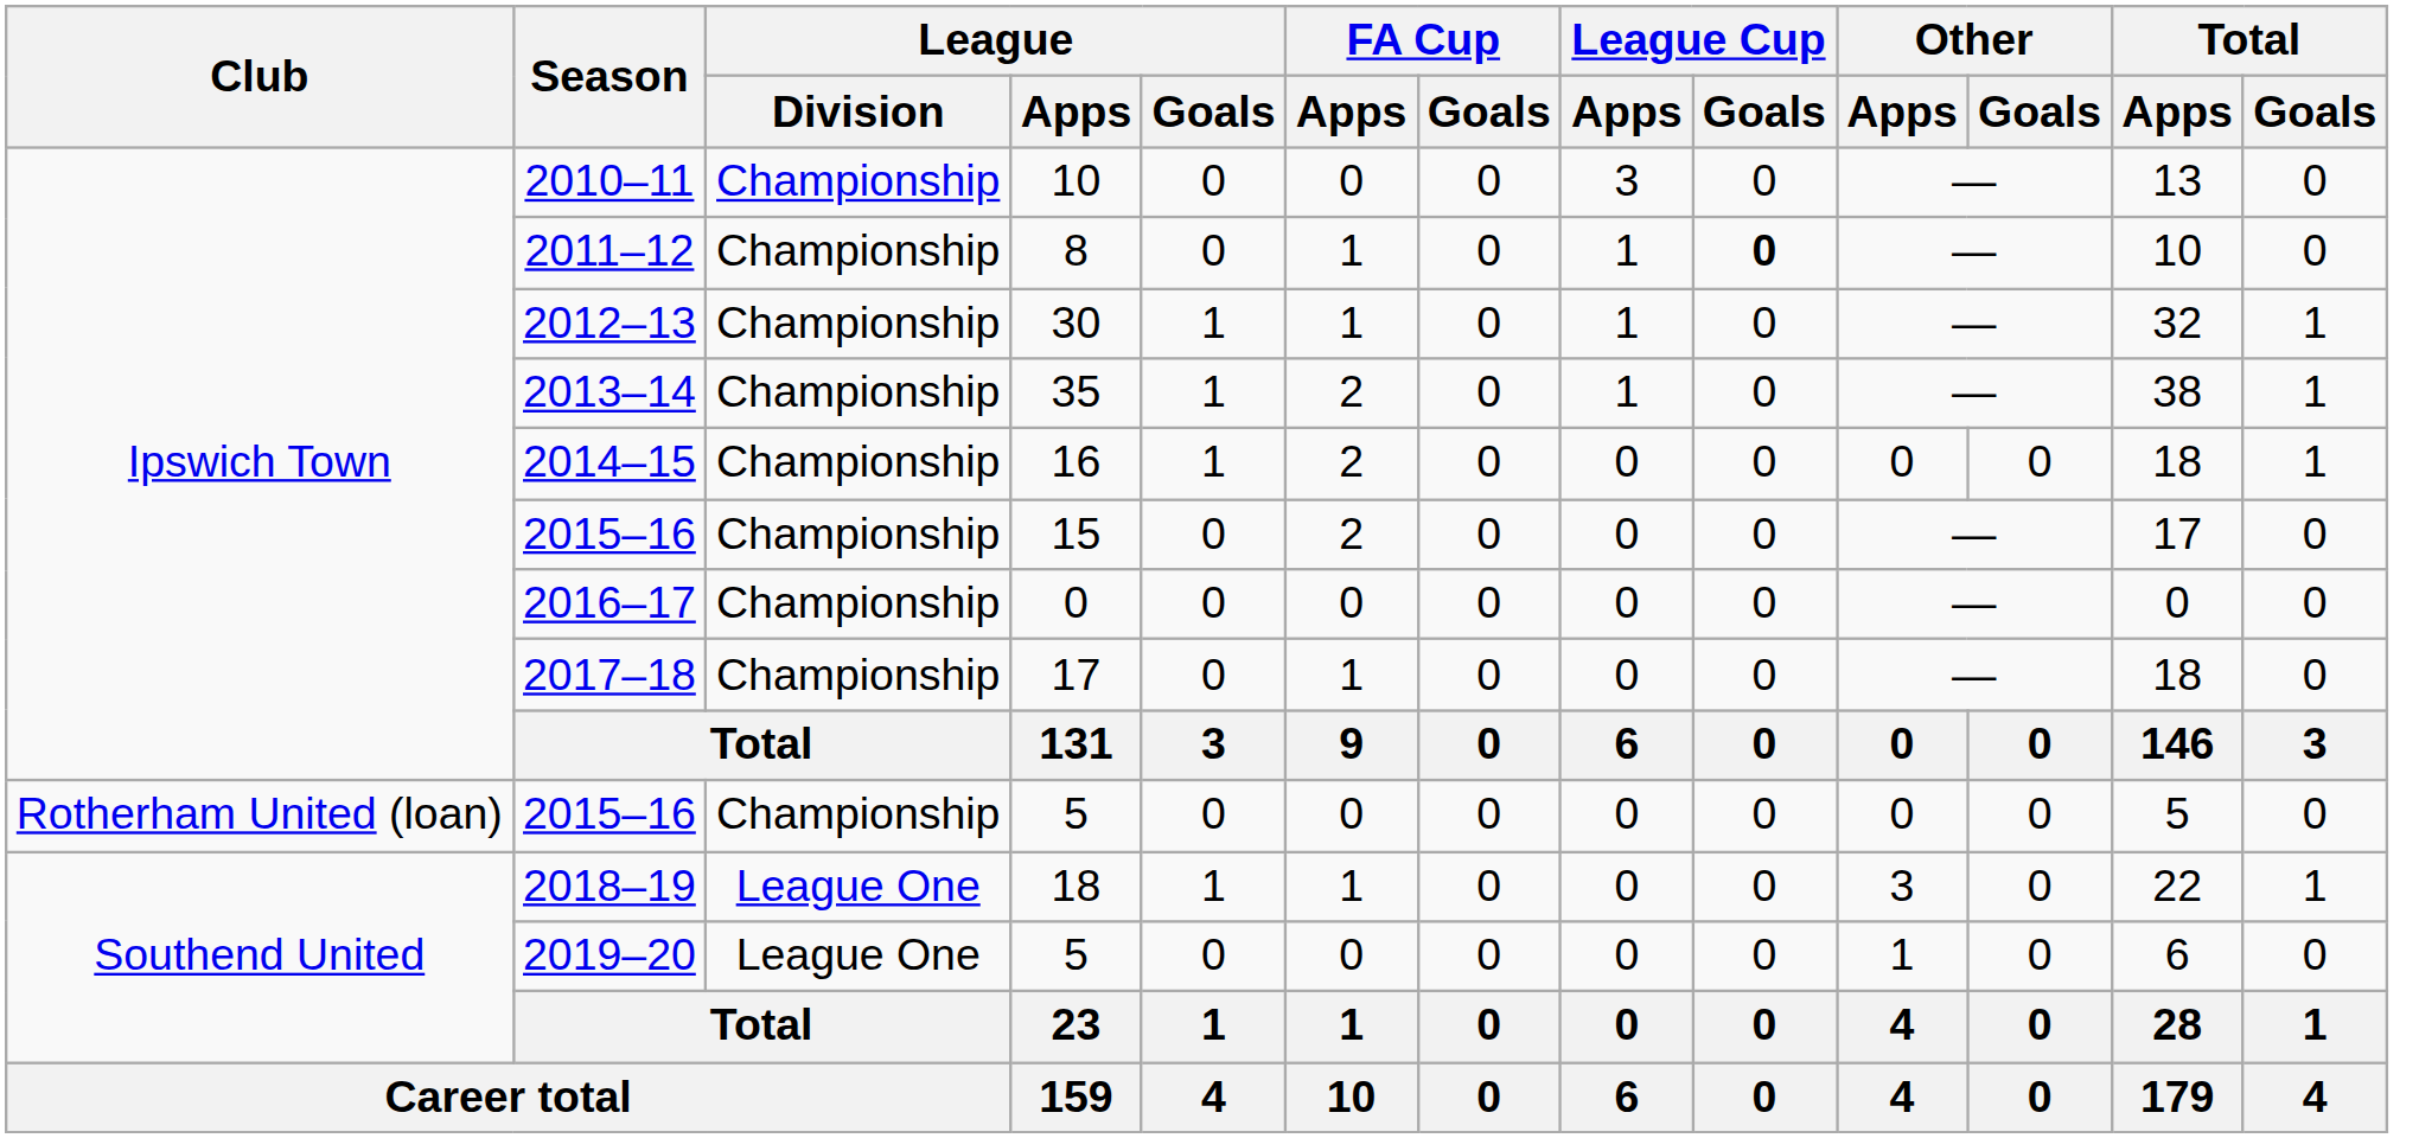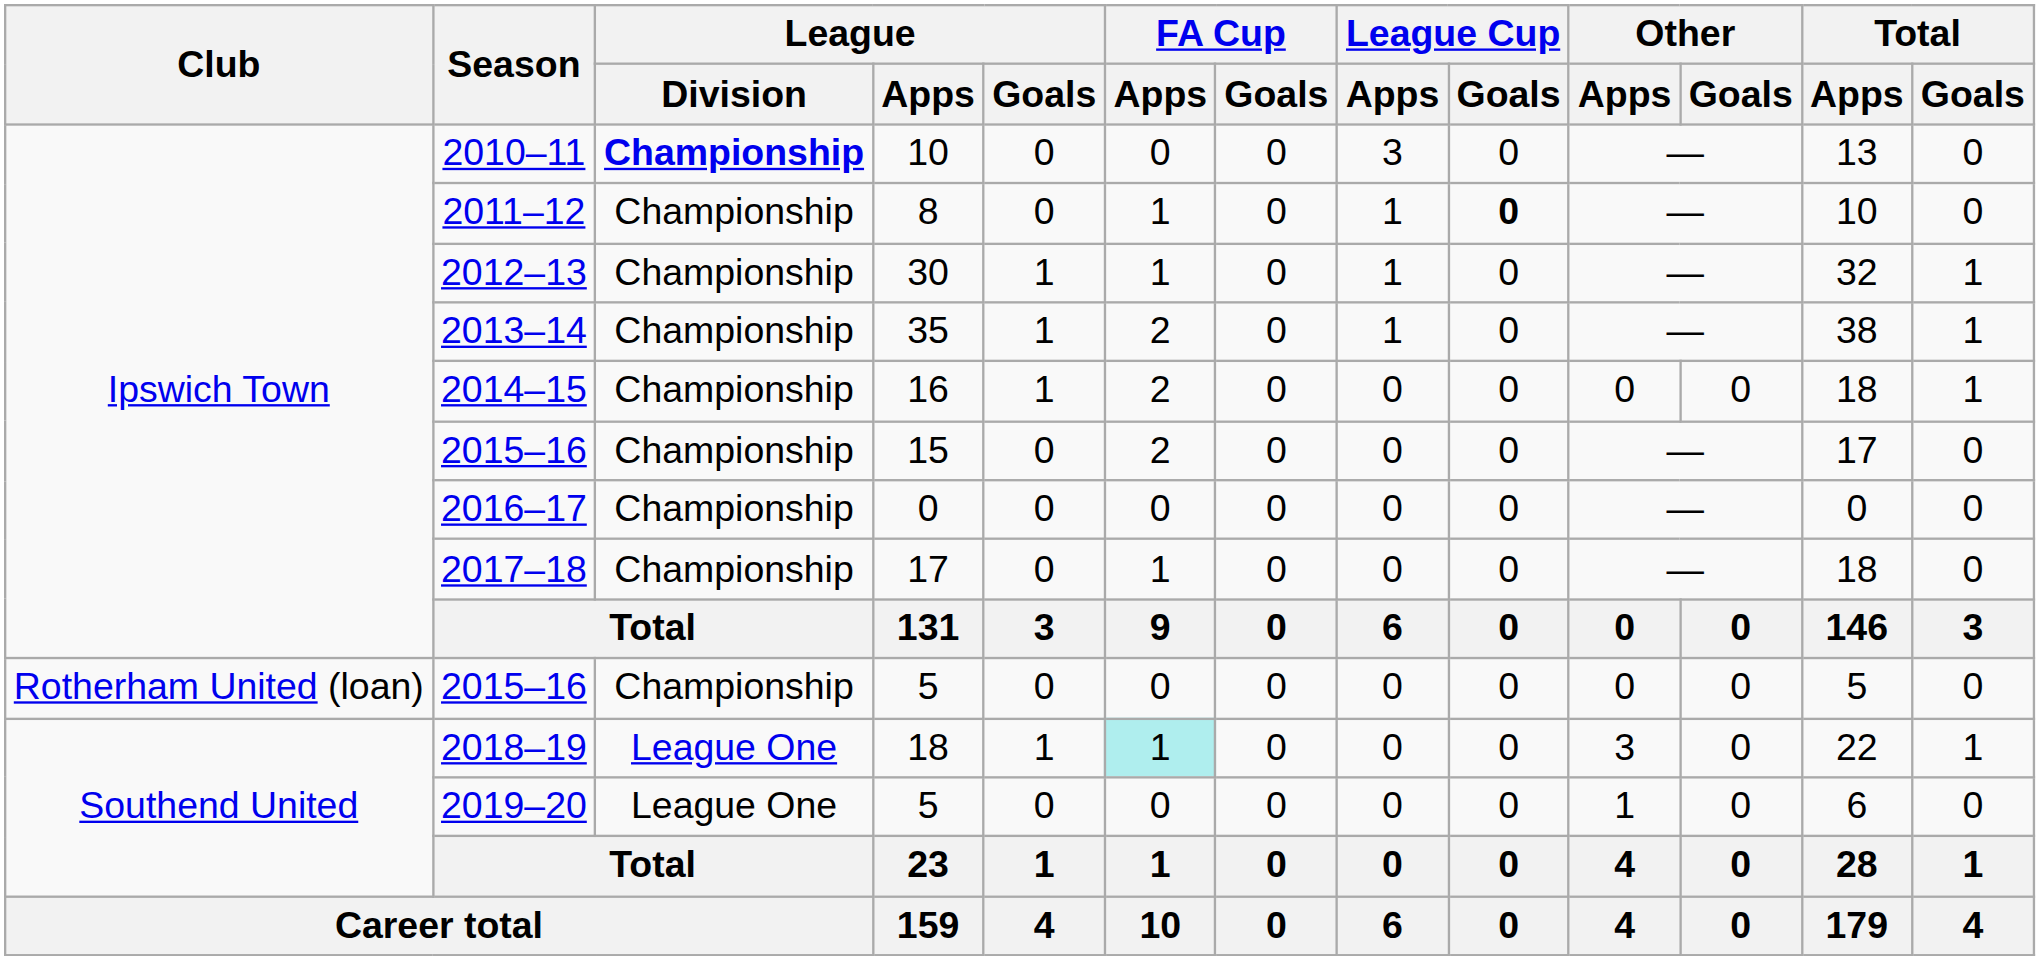 <table class="wikitable" style="text-align: center;">
 <tr>
 <th rowspan="2">Club</th>
 <th rowspan="2">Season</th>
 <th colspan="3">League</th>
 <th colspan="2"><a href='#'>FA Cup</a></th>
 <th colspan="2"><a href='#'>League Cup</a></th>
 <th colspan="2">Other</th>
 <th colspan="2">Total</th>
 </tr>
 <tr>
 <th>Division</th>
 <th>Apps</th>
 <th>Goals</th>
 <th>Apps</th>
 <th>Goals</th>
 <th>Apps</th>
 <th>Goals</th>
 <th>Apps</th>
 <th>Goals</th>
 <th>Apps</th>
 <th>Goals</th>
 </tr>
 <tr>
 <td rowspan="9" valign="center"><a href='#'>Ipswich Town</a></td>
 <td><a href='#'>2010–11</a></td>
-<td><a href='#'>Championship</a></td>
+<td><strong><a href='#'>Championship</a></strong></td>
 <td>10</td>
 <td>0</td>
 <td>0</td>
 <td>0</td>
 <td>3</td>
 <td>0</td>
 <td colspan="2">—</td>
 <td>13</td>
 <td>0</td>
 </tr>
 <tr>
 <td><a href='#'>2011–12</a></td>
 <td>Championship</td>
 <td>8</td>
 <td>0</td>
 <td>1</td>
 <td>0</td>
 <td>1</td>
 <td><strong>0</strong></td>
 <td colspan="2">—</td>
 <td>10</td>
 <td>0</td>
 </tr>
 <tr>
 <td><a href='#'>2012–13</a></td>
 <td>Championship</td>
 <td>30</td>
 <td>1</td>
 <td>1</td>
 <td>0</td>
 <td>1</td>
 <td>0</td>
 <td colspan="2">—</td>
 <td>32</td>
 <td>1</td>
 </tr>
 <tr>
 <td><a href='#'>2013–14</a></td>
 <td>Championship</td>
 <td>35</td>
 <td>1</td>
 <td>2</td>
 <td>0</td>
 <td>1</td>
 <td>0</td>
 <td colspan="2">—</td>
 <td>38</td>
 <td>1</td>
 </tr>
 <tr>
 <td><a href='#'>2014–15</a></td>
 <td>Championship</td>
 <td>16</td>
 <td>1</td>
 <td>2</td>
 <td>0</td>
 <td>0</td>
 <td>0</td>
 <td>0</td>
 <td>0</td>
 <td>18</td>
 <td>1</td>
 </tr>
 <tr>
 <td><a href='#'>2015–16</a></td>
 <td>Championship</td>
 <td>15</td>
 <td>0</td>
 <td>2</td>
 <td>0</td>
 <td>0</td>
 <td>0</td>
 <td colspan="2">—</td>
 <td>17</td>
 <td>0</td>
 </tr>
 <tr>
 <td><a href='#'>2016–17</a></td>
 <td>Championship</td>
 <td>0</td>
 <td>0</td>
 <td>0</td>
 <td>0</td>
 <td>0</td>
 <td>0</td>
 <td colspan="2">—</td>
 <td>0</td>
 <td>0</td>
 </tr>
 <tr>
 <td><a href='#'>2017–18</a></td>
 <td>Championship</td>
 <td>17</td>
 <td>0</td>
 <td>1</td>
 <td>0</td>
 <td>0</td>
 <td>0</td>
 <td colspan="2">—</td>
 <td>18</td>
 <td>0</td>
 </tr>
 <tr>
 <th colspan="2">Total</th>
 <th>131</th>
 <th>3</th>
 <th>9</th>
 <th>0</th>
 <th>6</th>
 <th>0</th>
 <th>0</th>
 <th>0</th>
 <th>146</th>
 <th>3</th>
 </tr>
 <tr>
 <td><a href='#'>Rotherham United</a> (loan)</td>
 <td><a href='#'>2015–16</a></td>
 <td>Championship</td>
 <td>5</td>
 <td>0</td>
 <td>0</td>
 <td>0</td>
 <td>0</td>
 <td>0</td>
 <td>0</td>
 <td>0</td>
 <td>5</td>
 <td>0</td>
 </tr>
 <tr>
 <td rowspan="3" valign="center"><a href='#'>Southend United</a></td>
 <td><a href='#'>2018–19</a></td>
 <td><a href='#'>League One</a></td>
 <td>18</td>
 <td>1</td>
-<td>1</td>
+<td style="background: paleturquoise;">1</td>
 <td>0</td>
 <td>0</td>
 <td>0</td>
 <td>3</td>
 <td>0</td>
 <td>22</td>
 <td>1</td>
 </tr>
 <tr>
 <td><a href='#'>2019–20</a></td>
 <td>League One</td>
 <td>5</td>
 <td>0</td>
 <td>0</td>
 <td>0</td>
 <td>0</td>
 <td>0</td>
 <td>1</td>
 <td>0</td>
 <td>6</td>
 <td>0</td>
 </tr>
 <tr>
 <th colspan="2">Total</th>
 <th>23</th>
 <th>1</th>
 <th>1</th>
 <th>0</th>
 <th>0</th>
 <th>0</th>
 <th>4</th>
 <th>0</th>
 <th>28</th>
 <th>1</th>
 </tr>
 <tr>
 <th colspan="3">Career total</th>
 <th>159</th>
 <th>4</th>
 <th>10</th>
 <th>0</th>
 <th>6</th>
 <th>0</th>
 <th>4</th>
 <th>0</th>
 <th>179</th>
 <th>4</th>
 </tr>
 </table>
